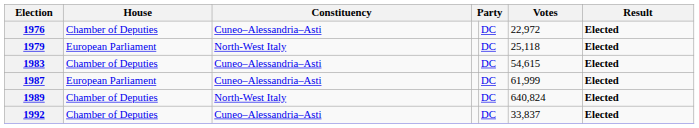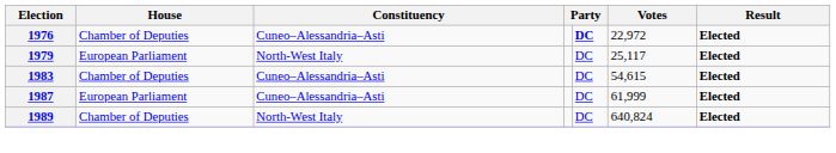 <table class=wikitable style="width:65%; border:1px #AAAAFF solid">
 <tr>
 <th width=8%>Election</th>
 <th width=20%>House</th>
 <th width=35%>Constituency</th>
 <th width=5% colspan="2">Party</th>
 <th width=10%>Votes</th>
 <th width=15%>Result</th>
 </tr>
 <tr>
 <th><a href='#'>1976</a></th>
 <td><a href='#'>Chamber of Deputies</a></td>
 <td><a href='#'>Cuneo–Alessandria–Asti</a></td>
 <td></td>
-<td><a href='#'>DC</a></td>
+<td><strong><a href='#'>DC</a></strong></td>
 <td>22,972</td>
 <td> <strong>Elected</strong></td>
 </tr>
 <tr>
 <th><a href='#'>1979</a></th>
 <td><a href='#'>European Parliament</a></td>
 <td><a href='#'>North-West Italy</a></td>
 <td></td>
 <td><a href='#'>DC</a></td>
-<td>25,118</td>
+<td>25,117</td>
 <td> <strong>Elected</strong></td>
 </tr>
 <tr>
 <th><a href='#'>1983</a></th>
 <td><a href='#'>Chamber of Deputies</a></td>
 <td><a href='#'>Cuneo–Alessandria–Asti</a></td>
 <td></td>
 <td><a href='#'>DC</a></td>
 <td>54,615</td>
 <td> <strong>Elected</strong></td>
 </tr>
 <tr>
 <th><a href='#'>1987</a></th>
 <td><a href='#'>European Parliament</a></td>
 <td><a href='#'>Cuneo–Alessandria–Asti</a></td>
 <td></td>
 <td><a href='#'>DC</a></td>
 <td>61,999</td>
 <td> <strong>Elected</strong></td>
 </tr>
 <tr>
 <th><a href='#'>1989</a></th>
 <td><a href='#'>Chamber of Deputies</a></td>
 <td><a href='#'>North-West Italy</a></td>
 <td></td>
 <td><a href='#'>DC</a></td>
 <td>640,824</td>
 <td> <strong>Elected</strong></td>
 </tr>
 <tr>
-<th><a href='#'>1992</a></th>
-<td><a href='#'>Chamber of Deputies</a></td>
-<td><a href='#'>Cuneo–Alessandria–Asti</a></td>
-<td></td>
-<td><a href='#'>DC</a></td>
-<td>33,837</td>
-<td> <strong>Elected</strong></td>
-</tr>
-<tr>
 </tr>
 </table>
